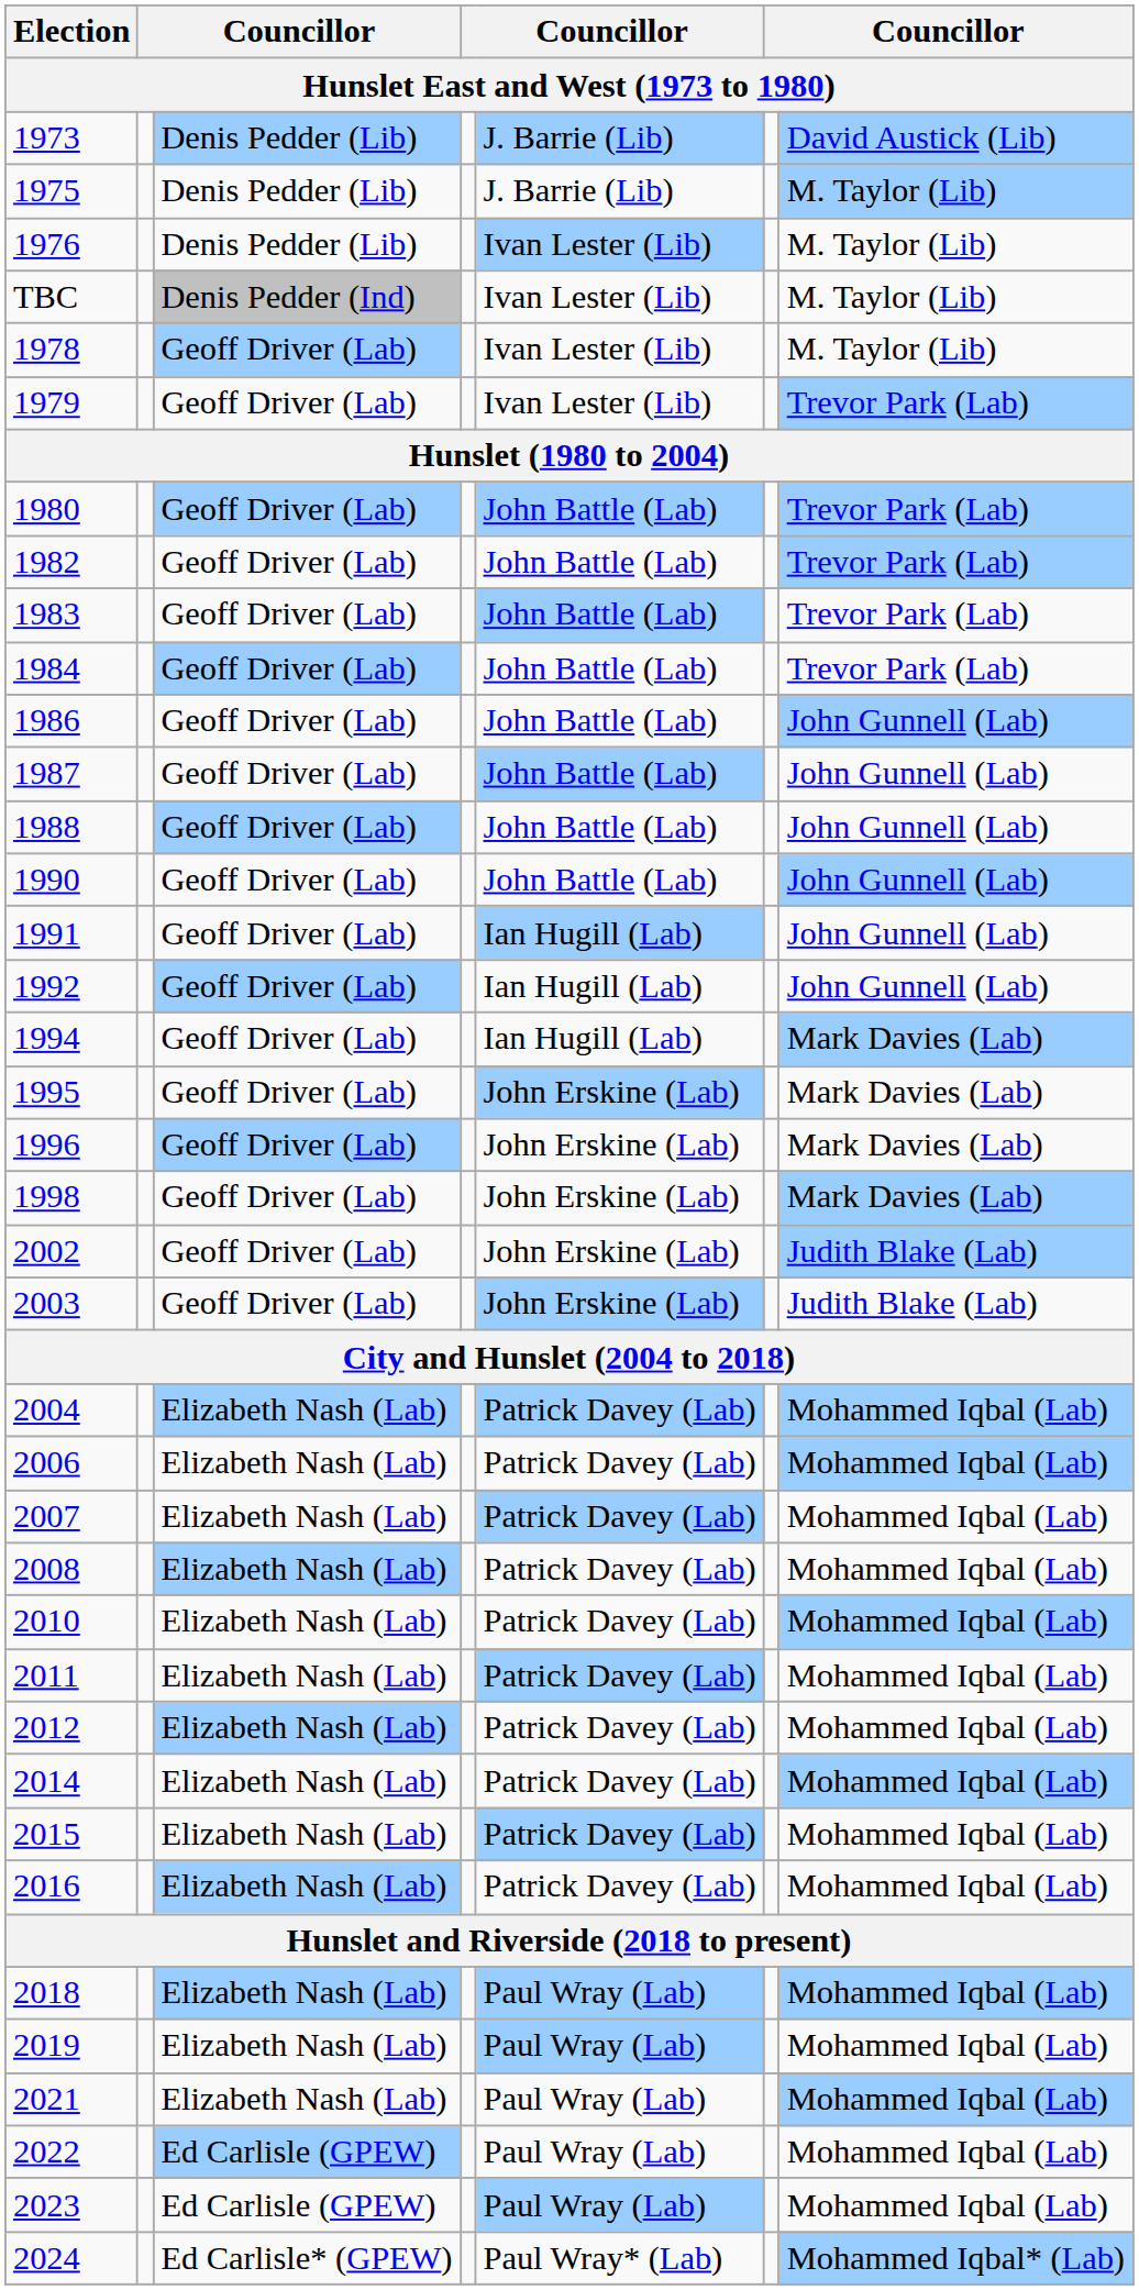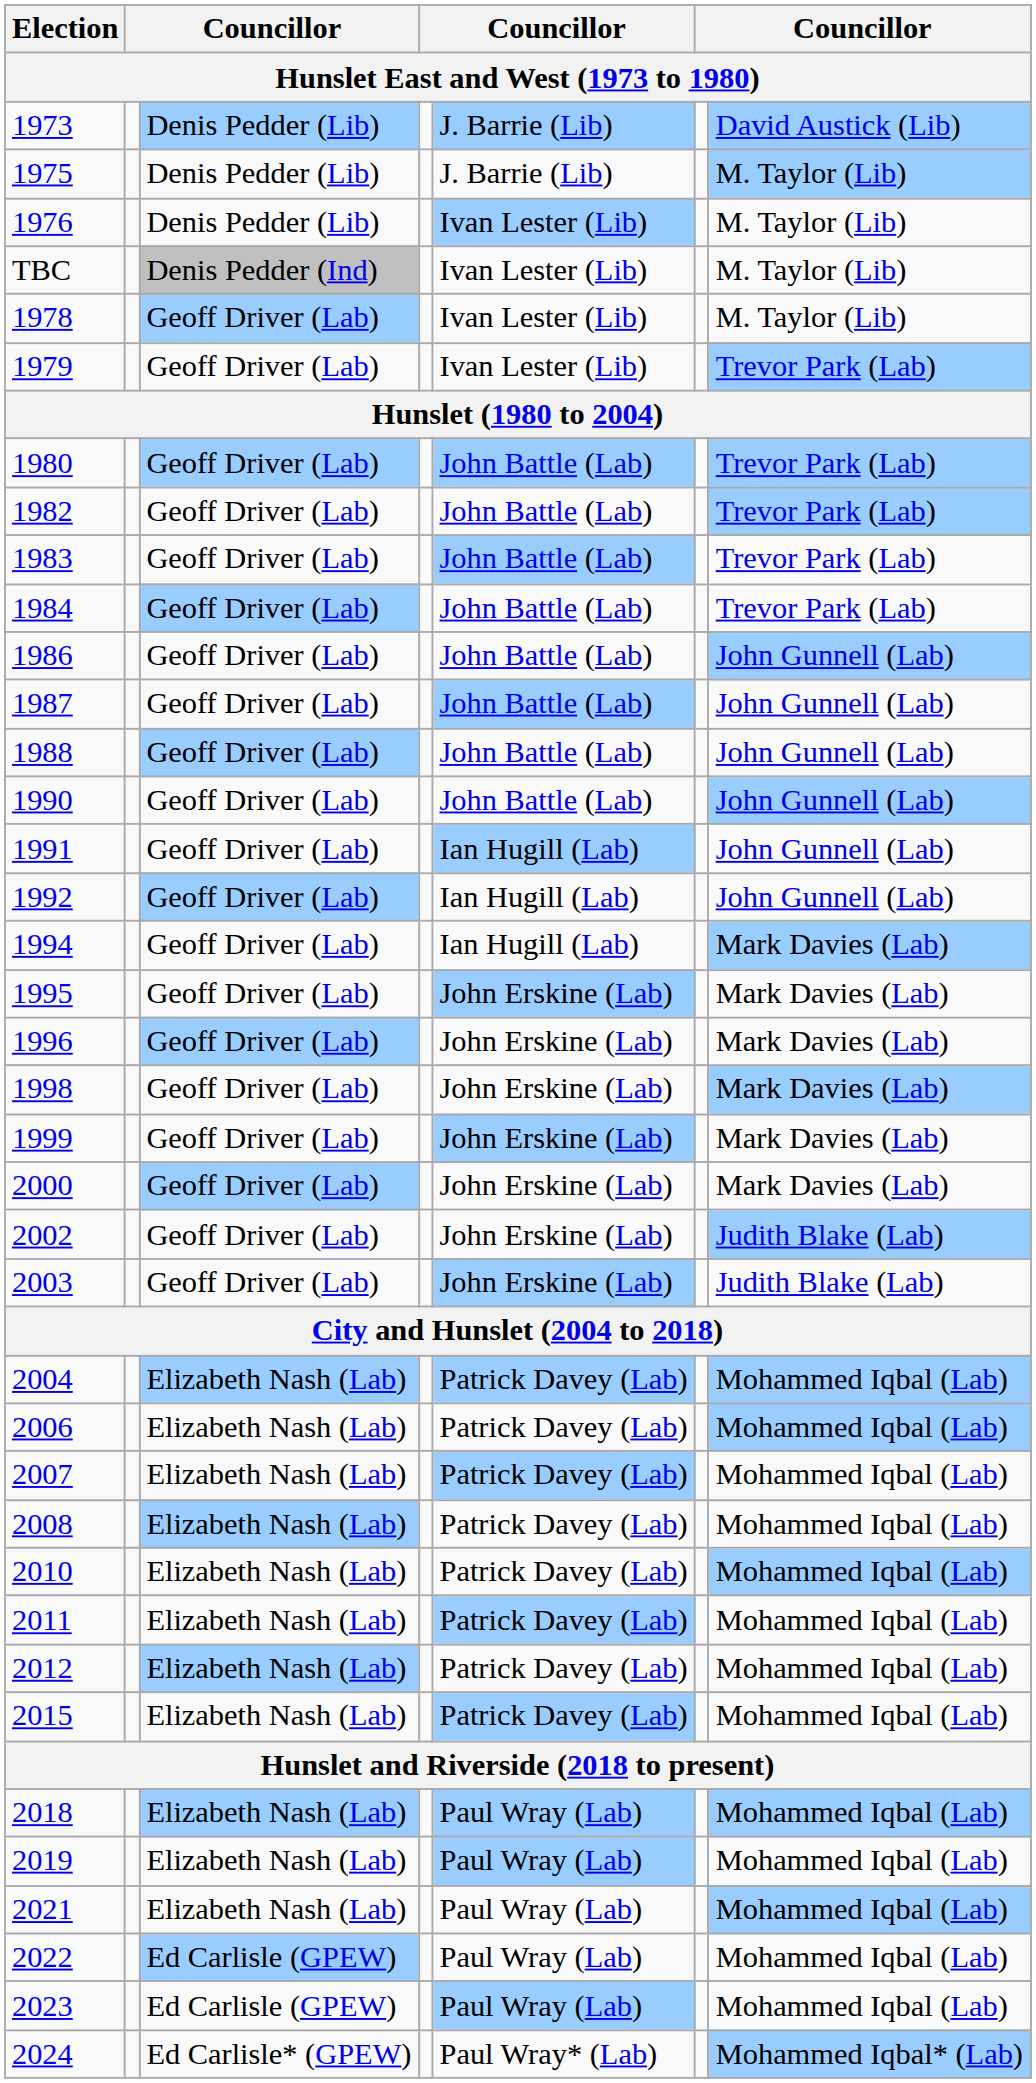 <table class="wikitable">
 <tr>
 <th>Election</th>
 <th colspan="2">Councillor</th>
 <th colspan="2">Councillor</th>
 <th colspan="2">Councillor</th>
 </tr>
 <tr>
 <th colspan=7>Hunslet East and West (<a href='#'>1973</a> to <a href='#'>1980</a>)</th>
 </tr>
 <tr>
 <td><a href='#'>1973</a></td>
 <td style="background-color: "></td>
 <td bgcolor="#99CCFF">Denis Pedder (<a href='#'>Lib</a>)</td>
 <td style="background-color: "></td>
 <td bgcolor="#99CCFF">J. Barrie (<a href='#'>Lib</a>)</td>
 <td style="background-color: "></td>
 <td bgcolor="#99CCFF"><a href='#'>David Austick</a> (<a href='#'>Lib</a>)</td>
 </tr>
 <tr>
 <td><a href='#'>1975</a></td>
 <td style="background-color: "></td>
 <td>Denis Pedder (<a href='#'>Lib</a>)</td>
 <td style="background-color: "></td>
 <td>J. Barrie (<a href='#'>Lib</a>)</td>
 <td style="background-color: "></td>
 <td bgcolor="#99CCFF">M. Taylor  (<a href='#'>Lib</a>)</td>
 </tr>
 <tr>
 <td><a href='#'>1976</a></td>
 <td style="background-color: "></td>
 <td>Denis Pedder (<a href='#'>Lib</a>)</td>
 <td style="background-color: "></td>
 <td bgcolor="#99CCFF">Ivan Lester  (<a href='#'>Lib</a>)</td>
 <td style="background-color: "></td>
 <td>M. Taylor (<a href='#'>Lib</a>)</td>
 </tr>
 <tr>
 <td>TBC</td>
 <td style="background-color: "></td>
 <td bgcolor="#C0C0C0">Denis Pedder (<a href='#'>Ind</a>)</td>
 <td style="background-color: "></td>
 <td>Ivan Lester  (<a href='#'>Lib</a>)</td>
 <td style="background-color: "></td>
 <td>M. Taylor (<a href='#'>Lib</a>)</td>
 </tr>
 <tr>
 <td><a href='#'>1978</a></td>
 <td style="background-color: "></td>
 <td bgcolor="#99CCFF">Geoff Driver (<a href='#'>Lab</a>)</td>
 <td style="background-color: "></td>
 <td>Ivan Lester (<a href='#'>Lib</a>)</td>
 <td style="background-color: "></td>
 <td>M. Taylor (<a href='#'>Lib</a>)</td>
 </tr>
 <tr>
 <td><a href='#'>1979</a></td>
 <td style="background-color: "></td>
 <td>Geoff Driver (<a href='#'>Lab</a>)</td>
 <td style="background-color: "></td>
 <td>Ivan Lester (<a href='#'>Lib</a>)</td>
 <td style="background-color: "></td>
 <td bgcolor="#99CCFF"><a href='#'>Trevor Park</a> (<a href='#'>Lab</a>)</td>
 </tr>
 <tr>
 <th colspan=7>Hunslet (<a href='#'>1980</a> to <a href='#'>2004</a>)</th>
 </tr>
 <tr>
 <td><a href='#'>1980</a></td>
 <td style="background-color: "></td>
 <td bgcolor="#99CCFF">Geoff Driver (<a href='#'>Lab</a>)</td>
 <td style="background-color: "></td>
 <td bgcolor="#99CCFF"><a href='#'>John Battle</a> (<a href='#'>Lab</a>)</td>
 <td style="background-color: "></td>
 <td bgcolor="#99CCFF"><a href='#'>Trevor Park</a> (<a href='#'>Lab</a>)</td>
 </tr>
 <tr>
 <td><a href='#'>1982</a></td>
 <td style="background-color: "></td>
 <td>Geoff Driver (<a href='#'>Lab</a>)</td>
 <td style="background-color: "></td>
 <td><a href='#'>John Battle</a> (<a href='#'>Lab</a>)</td>
 <td style="background-color: "></td>
 <td bgcolor="#99CCFF"><a href='#'>Trevor Park</a> (<a href='#'>Lab</a>)</td>
 </tr>
 <tr>
 <td><a href='#'>1983</a></td>
 <td style="background-color: "></td>
 <td>Geoff Driver (<a href='#'>Lab</a>)</td>
 <td style="background-color: "></td>
 <td bgcolor="#99CCFF"><a href='#'>John Battle</a> (<a href='#'>Lab</a>)</td>
 <td style="background-color: "></td>
 <td><a href='#'>Trevor Park</a> (<a href='#'>Lab</a>)</td>
 </tr>
 <tr>
 <td><a href='#'>1984</a></td>
 <td style="background-color: "></td>
 <td bgcolor="#99CCFF">Geoff Driver (<a href='#'>Lab</a>)</td>
 <td style="background-color: "></td>
 <td><a href='#'>John Battle</a> (<a href='#'>Lab</a>)</td>
 <td style="background-color: "></td>
 <td><a href='#'>Trevor Park</a> (<a href='#'>Lab</a>)</td>
 </tr>
 <tr>
 <td><a href='#'>1986</a></td>
 <td style="background-color: "></td>
 <td>Geoff Driver (<a href='#'>Lab</a>)</td>
 <td style="background-color: "></td>
 <td><a href='#'>John Battle</a> (<a href='#'>Lab</a>)</td>
 <td style="background-color: "></td>
 <td bgcolor="#99CCFF"><a href='#'>John Gunnell</a> (<a href='#'>Lab</a>)</td>
 </tr>
 <tr>
 <td><a href='#'>1987</a></td>
 <td style="background-color: "></td>
 <td>Geoff Driver (<a href='#'>Lab</a>)</td>
 <td style="background-color: "></td>
 <td bgcolor="#99CCFF"><a href='#'>John Battle</a> (<a href='#'>Lab</a>)</td>
 <td style="background-color: "></td>
 <td><a href='#'>John Gunnell</a> (<a href='#'>Lab</a>)</td>
 </tr>
 <tr>
 <td><a href='#'>1988</a></td>
 <td style="background-color: "></td>
 <td bgcolor="#99CCFF">Geoff Driver (<a href='#'>Lab</a>)</td>
 <td style="background-color: "></td>
 <td><a href='#'>John Battle</a> (<a href='#'>Lab</a>)</td>
 <td style="background-color: "></td>
 <td><a href='#'>John Gunnell</a> (<a href='#'>Lab</a>)</td>
 </tr>
 <tr>
 <td><a href='#'>1990</a></td>
 <td style="background-color: "></td>
 <td>Geoff Driver (<a href='#'>Lab</a>)</td>
 <td style="background-color: "></td>
 <td><a href='#'>John Battle</a> (<a href='#'>Lab</a>)</td>
 <td style="background-color: "></td>
 <td bgcolor="#99CCFF"><a href='#'>John Gunnell</a> (<a href='#'>Lab</a>)</td>
 </tr>
 <tr>
 <td><a href='#'>1991</a></td>
 <td style="background-color: "></td>
 <td>Geoff Driver (<a href='#'>Lab</a>)</td>
 <td style="background-color: "></td>
 <td bgcolor="#99CCFF">Ian Hugill (<a href='#'>Lab</a>)</td>
 <td style="background-color: "></td>
 <td><a href='#'>John Gunnell</a> (<a href='#'>Lab</a>)</td>
 </tr>
 <tr>
 <td><a href='#'>1992</a></td>
 <td style="background-color: "></td>
 <td bgcolor="#99CCFF">Geoff Driver (<a href='#'>Lab</a>)</td>
 <td style="background-color: "></td>
 <td>Ian Hugill (<a href='#'>Lab</a>)</td>
 <td style="background-color: "></td>
 <td><a href='#'>John Gunnell</a> (<a href='#'>Lab</a>)</td>
 </tr>
 <tr>
 <td><a href='#'>1994</a></td>
 <td style="background-color: "></td>
 <td>Geoff Driver (<a href='#'>Lab</a>)</td>
 <td style="background-color: "></td>
 <td>Ian Hugill (<a href='#'>Lab</a>)</td>
 <td style="background-color: "></td>
 <td bgcolor="#99CCFF">Mark Davies (<a href='#'>Lab</a>)</td>
 </tr>
 <tr>
 <td><a href='#'>1995</a></td>
 <td style="background-color: "></td>
 <td>Geoff Driver (<a href='#'>Lab</a>)</td>
 <td style="background-color: "></td>
 <td bgcolor="#99CCFF">John Erskine (<a href='#'>Lab</a>)</td>
 <td style="background-color: "></td>
 <td>Mark Davies (<a href='#'>Lab</a>)</td>
 </tr>
 <tr>
 <td><a href='#'>1996</a></td>
 <td style="background-color: "></td>
 <td bgcolor="#99CCFF">Geoff Driver (<a href='#'>Lab</a>)</td>
 <td style="background-color: "></td>
 <td>John Erskine (<a href='#'>Lab</a>)</td>
 <td style="background-color: "></td>
 <td>Mark Davies (<a href='#'>Lab</a>)</td>
 </tr>
 <tr>
 <td><a href='#'>1998</a></td>
 <td style="background-color: "></td>
 <td>Geoff Driver (<a href='#'>Lab</a>)</td>
 <td style="background-color: "></td>
 <td>John Erskine (<a href='#'>Lab</a>)</td>
 <td style="background-color: "></td>
 <td bgcolor="#99CCFF">Mark Davies (<a href='#'>Lab</a>)</td>
 </tr>
 <tr>
+<td><a href='#'>1999</a></td>
+<td style="background-color: "></td>
+<td>Geoff Driver (<a href='#'>Lab</a>)</td>
+<td style="background-color: "></td>
+<td bgcolor="#99CCFF">John Erskine (<a href='#'>Lab</a>)</td>
+<td style="background-color: "></td>
+<td>Mark Davies (<a href='#'>Lab</a>)</td>
+</tr>
+<tr>
+<td><a href='#'>2000</a></td>
+<td style="background-color: "></td>
+<td bgcolor="#99CCFF">Geoff Driver (<a href='#'>Lab</a>)</td>
+<td style="background-color: "></td>
+<td>John Erskine (<a href='#'>Lab</a>)</td>
+<td style="background-color: "></td>
+<td>Mark Davies (<a href='#'>Lab</a>)</td>
+</tr>
+<tr>
 <td><a href='#'>2002</a></td>
 <td style="background-color: "></td>
 <td>Geoff Driver (<a href='#'>Lab</a>)</td>
 <td style="background-color: "></td>
 <td>John Erskine (<a href='#'>Lab</a>)</td>
 <td style="background-color: "></td>
 <td bgcolor="#99CCFF"><a href='#'>Judith Blake</a> (<a href='#'>Lab</a>)</td>
 </tr>
 <tr>
 <td><a href='#'>2003</a></td>
 <td style="background-color: "></td>
 <td>Geoff Driver (<a href='#'>Lab</a>)</td>
 <td style="background-color: "></td>
 <td bgcolor="#99CCFF">John Erskine (<a href='#'>Lab</a>)</td>
 <td style="background-color: "></td>
 <td><a href='#'>Judith Blake</a> (<a href='#'>Lab</a>)</td>
 </tr>
 <tr>
 <th colspan=7><a href='#'>City</a> and Hunslet (<a href='#'>2004</a> to <a href='#'>2018</a>)</th>
 </tr>
 <tr>
 <td><a href='#'>2004</a></td>
 <td style="background-color: "></td>
 <td bgcolor="#99CCFF">Elizabeth Nash (<a href='#'>Lab</a>)</td>
 <td style="background-color: "></td>
 <td bgcolor="#99CCFF">Patrick Davey (<a href='#'>Lab</a>)</td>
 <td style="background-color: "></td>
 <td bgcolor="#99CCFF">Mohammed Iqbal (<a href='#'>Lab</a>)</td>
 </tr>
 <tr>
 <td><a href='#'>2006</a></td>
 <td style="background-color: "></td>
 <td>Elizabeth Nash (<a href='#'>Lab</a>)</td>
 <td style="background-color: "></td>
 <td>Patrick Davey (<a href='#'>Lab</a>)</td>
 <td style="background-color: "></td>
 <td bgcolor="#99CCFF">Mohammed Iqbal (<a href='#'>Lab</a>)</td>
 </tr>
 <tr>
 <td><a href='#'>2007</a></td>
 <td style="background-color: "></td>
 <td>Elizabeth Nash (<a href='#'>Lab</a>)</td>
 <td style="background-color: "></td>
 <td bgcolor="#99CCFF">Patrick Davey (<a href='#'>Lab</a>)</td>
 <td style="background-color: "></td>
 <td>Mohammed Iqbal (<a href='#'>Lab</a>)</td>
 </tr>
 <tr>
 <td><a href='#'>2008</a></td>
 <td style="background-color: "></td>
 <td bgcolor="#99CCFF">Elizabeth Nash (<a href='#'>Lab</a>)</td>
 <td style="background-color: "></td>
 <td>Patrick Davey (<a href='#'>Lab</a>)</td>
 <td style="background-color: "></td>
 <td>Mohammed Iqbal (<a href='#'>Lab</a>)</td>
 </tr>
 <tr>
 <td><a href='#'>2010</a></td>
 <td style="background-color: "></td>
 <td>Elizabeth Nash (<a href='#'>Lab</a>)</td>
 <td style="background-color: "></td>
 <td>Patrick Davey (<a href='#'>Lab</a>)</td>
 <td style="background-color: "></td>
 <td bgcolor="#99CCFF">Mohammed Iqbal (<a href='#'>Lab</a>)</td>
 </tr>
 <tr>
 <td><a href='#'>2011</a></td>
 <td style="background-color: "></td>
 <td>Elizabeth Nash (<a href='#'>Lab</a>)</td>
 <td style="background-color: "></td>
 <td bgcolor="#99CCFF">Patrick Davey (<a href='#'>Lab</a>)</td>
 <td style="background-color: "></td>
 <td>Mohammed Iqbal (<a href='#'>Lab</a>)</td>
 </tr>
 <tr>
 <td><a href='#'>2012</a></td>
 <td style="background-color: "></td>
 <td bgcolor="#99CCFF">Elizabeth Nash (<a href='#'>Lab</a>)</td>
 <td style="background-color: "></td>
 <td>Patrick Davey (<a href='#'>Lab</a>)</td>
 <td style="background-color: "></td>
 <td>Mohammed Iqbal (<a href='#'>Lab</a>)</td>
 </tr>
 <tr>
-<td><a href='#'>2014</a></td>
-<td style="background-color: "></td>
-<td>Elizabeth Nash (<a href='#'>Lab</a>)</td>
-<td style="background-color: "></td>
-<td>Patrick Davey (<a href='#'>Lab</a>)</td>
-<td style="background-color: "></td>
-<td bgcolor="#99CCFF">Mohammed Iqbal (<a href='#'>Lab</a>)</td>
-</tr>
-<tr>
 <td><a href='#'>2015</a></td>
 <td style="background-color: "></td>
 <td>Elizabeth Nash (<a href='#'>Lab</a>)</td>
 <td style="background-color: "></td>
 <td bgcolor="#99CCFF">Patrick Davey (<a href='#'>Lab</a>)</td>
-<td style="background-color: "></td>
-<td>Mohammed Iqbal (<a href='#'>Lab</a>)</td>
-</tr>
-<tr>
-<td><a href='#'>2016</a></td>
-<td style="background-color: "></td>
-<td bgcolor="#99CCFF">Elizabeth Nash (<a href='#'>Lab</a>)</td>
-<td style="background-color: "></td>
-<td>Patrick Davey (<a href='#'>Lab</a>)</td>
 <td style="background-color: "></td>
 <td>Mohammed Iqbal (<a href='#'>Lab</a>)</td>
 </tr>
 <tr>
 <th colspan=7>Hunslet and Riverside (<a href='#'>2018</a> to present)</th>
 </tr>
 <tr>
 <td><a href='#'>2018</a></td>
 <td style="background-color: "></td>
 <td bgcolor="#99CCFF">Elizabeth Nash (<a href='#'>Lab</a>)</td>
 <td style="background-color: "></td>
 <td bgcolor="#99CCFF">Paul Wray (<a href='#'>Lab</a>)</td>
 <td style="background-color: "></td>
 <td bgcolor="#99CCFF">Mohammed Iqbal (<a href='#'>Lab</a>)</td>
 </tr>
 <tr>
 <td><a href='#'>2019</a></td>
 <td style="background-color: "></td>
 <td>Elizabeth Nash (<a href='#'>Lab</a>)</td>
 <td style="background-color: "></td>
 <td bgcolor="#99CCFF">Paul Wray (<a href='#'>Lab</a>)</td>
 <td style="background-color: "></td>
 <td>Mohammed Iqbal (<a href='#'>Lab</a>)</td>
 </tr>
 <tr>
 <td><a href='#'>2021</a></td>
 <td style="background-color: "></td>
 <td>Elizabeth Nash (<a href='#'>Lab</a>)</td>
 <td style="background-color: "></td>
 <td>Paul Wray (<a href='#'>Lab</a>)</td>
 <td style="background-color: "></td>
 <td bgcolor="#99CCFF">Mohammed Iqbal (<a href='#'>Lab</a>)</td>
 </tr>
 <tr>
 <td><a href='#'>2022</a></td>
 <td style="background-color: "></td>
 <td bgcolor="#99CCFF">Ed Carlisle (<a href='#'>GPEW</a>)</td>
 <td style="background-color: "></td>
 <td>Paul Wray (<a href='#'>Lab</a>)</td>
 <td style="background-color: "></td>
 <td>Mohammed Iqbal (<a href='#'>Lab</a>)</td>
 </tr>
 <tr>
 <td><a href='#'>2023</a></td>
 <td style="background-color: "></td>
 <td>Ed Carlisle (<a href='#'>GPEW</a>)</td>
 <td style="background-color: "></td>
 <td bgcolor="#99CCFF">Paul Wray (<a href='#'>Lab</a>)</td>
 <td style="background-color: "></td>
 <td>Mohammed Iqbal (<a href='#'>Lab</a>)</td>
 </tr>
 <tr>
 <td><a href='#'>2024</a></td>
 <td style="background-color: "></td>
 <td>Ed Carlisle* (<a href='#'>GPEW</a>)</td>
 <td style="background-color: "></td>
 <td>Paul Wray* (<a href='#'>Lab</a>)</td>
 <td style="background-color: "></td>
 <td bgcolor="#99CCFF">Mohammed Iqbal* (<a href='#'>Lab</a>)</td>
 </tr>
 </table>
